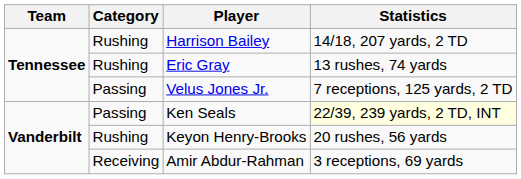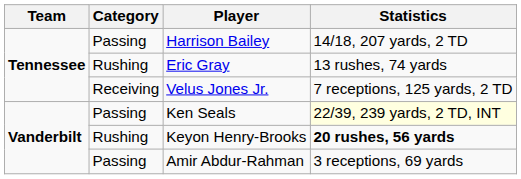 <table class="wikitable" style="float: left;">
 <tr>
 <th>Team</th>
 <th>Category</th>
 <th>Player</th>
 <th>Statistics</th>
 </tr>
 <tr>
 <td rowspan=3><strong>Tennessee</strong></td>
-<td>Rushing</td>
+<td>Passing</td>
 <td><a href='#'>Harrison Bailey</a></td>
 <td>14/18, 207 yards, 2 TD</td>
 </tr>
 <tr>
 <td>Rushing</td>
 <td><a href='#'>Eric Gray</a></td>
 <td>13 rushes, 74 yards</td>
 </tr>
 <tr>
-<td>Passing</td>
+<td>Receiving</td>
 <td><a href='#'>Velus Jones Jr.</a></td>
 <td>7 receptions, 125 yards, 2 TD</td>
 </tr>
 <tr>
 <td rowspan=3><strong>Vanderbilt</strong></td>
 <td>Passing</td>
 <td>Ken Seals</td>
 <td style="background: lightyellow;">22/39, 239 yards, 2 TD, INT</td>
 </tr>
 <tr>
 <td>Rushing</td>
 <td>Keyon Henry-Brooks</td>
-<td>20 rushes, 56 yards</td>
+<td><strong>20 rushes, 56 yards</strong></td>
 </tr>
 <tr>
-<td>Receiving</td>
+<td>Passing</td>
 <td>Amir Abdur-Rahman</td>
 <td>3 receptions, 69 yards</td>
 </tr>
 </table>
